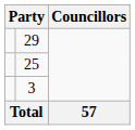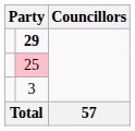 <table class="wikitable">
 <tr>
 <th colspan=2>Party</th>
 <th>Councillors</th>
 </tr>
 <tr>
 <td></td>
-<td align=center>29</td>
+<td align=center><strong>29</strong></td>
 </tr>
 <tr>
 <td></td>
-<td align=center>25</td>
+<td align=center style="background: pink;">25</td>
 </tr>
 <tr>
 <td></td>
 <td align=center>3</td>
 </tr>
 <tr>
 <th colspan=2>Total</th>
 <th align=center>57</th>
 </tr>
 </table>
